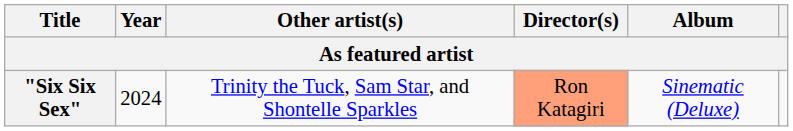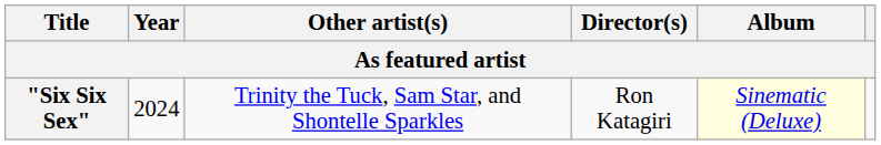 <table class="wikitable plainrowheaders" style="text-align:center;">
 <tr>
 <th scope="col">Title</th>
 <th scope="col">Year</th>
 <th scope="col">Other artist(s)</th>
 <th scope="col">Director(s)</th>
 <th scope="col">Album</th>
 <th></th>
 </tr>
 <tr>
 <th scope="col" colspan="6">As featured artist</th>
 </tr>
 <tr>
 <th scope="row">"Six Six Sex"</th>
 <td rowspan="2">2024</td>
 <td><a href='#'>Trinity the Tuck</a>, <a href='#'>Sam Star</a>, and <a href='#'>Shontelle Sparkles</a></td>
-<td style="background: lightsalmon;">Ron Katagiri</td>
-<td><em><a href='#'>Sinematic (Deluxe)</a></em></td>
+<td>Ron Katagiri</td>
+<td style="background: lightyellow;"><em><a href='#'>Sinematic (Deluxe)</a></em></td>
 <td></td>
 </tr>
 </table>
